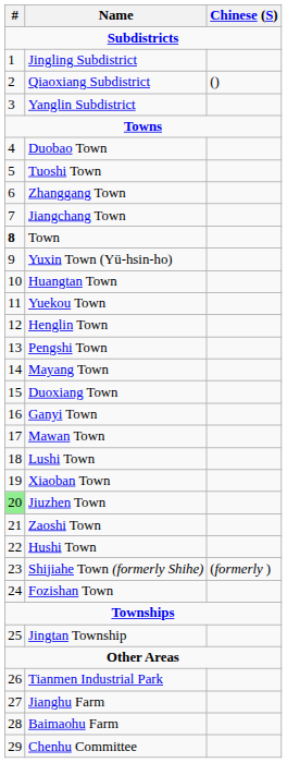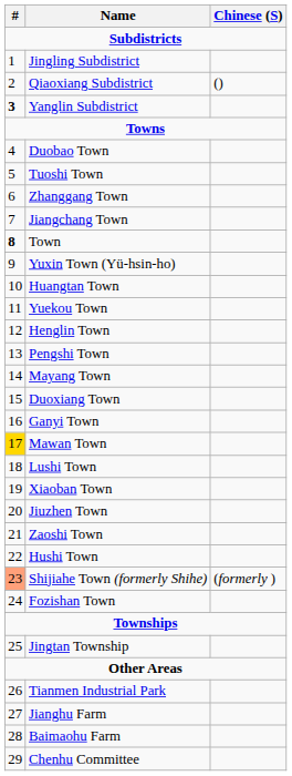 <table class="wikitable sortable">
 <tr>
 <th>#</th>
 <th>Name</th>
 <th><a href='#'>Chinese</a> (<a href='#'>S</a>)</th>
 </tr>
 <tr>
 <td style="text-align:center;" colspan="7"><strong><a href='#'>Subdistricts</a></strong></td>
 </tr>
 <tr>
 <td>1</td>
 <td><a href='#'>Jingling Subdistrict</a></td>
 <td></td>
 </tr>
 <tr>
 <td>2</td>
 <td><a href='#'>Qiaoxiang Subdistrict</a></td>
 <td> ()</td>
 </tr>
 <tr>
-<td>3</td>
+<td><strong>3</strong></td>
 <td><a href='#'>Yanglin Subdistrict</a></td>
 <td></td>
 </tr>
 <tr>
 <td style="text-align:center;" colspan="7"><strong><a href='#'>Towns</a></strong></td>
 </tr>
 <tr>
 <td>4</td>
 <td><a href='#'>Duobao</a> Town</td>
 <td></td>
 </tr>
 <tr>
 <td>5</td>
 <td><a href='#'>Tuoshi</a> Town</td>
 <td></td>
 </tr>
 <tr>
 <td>6</td>
 <td><a href='#'>Zhanggang</a> Town</td>
 <td></td>
 </tr>
 <tr>
 <td>7</td>
 <td><a href='#'>Jiangchang</a> Town</td>
 <td></td>
 </tr>
 <tr>
 <td><strong>8</strong></td>
 <td> Town</td>
 <td></td>
 </tr>
 <tr>
 <td>9</td>
 <td><a href='#'>Yuxin</a> Town (Yü-hsin-ho)</td>
 <td></td>
 </tr>
 <tr>
 <td>10</td>
 <td><a href='#'>Huangtan</a> Town</td>
 <td></td>
 </tr>
 <tr>
 <td>11</td>
 <td><a href='#'>Yuekou</a> Town</td>
 <td></td>
 </tr>
 <tr>
 <td>12</td>
 <td><a href='#'>Henglin</a> Town</td>
 <td></td>
 </tr>
 <tr>
 <td>13</td>
 <td><a href='#'>Pengshi</a> Town</td>
 <td></td>
 </tr>
 <tr>
 <td>14</td>
 <td><a href='#'>Mayang</a> Town</td>
 <td></td>
 </tr>
 <tr>
 <td>15</td>
 <td><a href='#'>Duoxiang</a> Town</td>
 <td></td>
 </tr>
 <tr>
 <td>16</td>
 <td><a href='#'>Ganyi</a> Town</td>
 <td></td>
 </tr>
 <tr>
-<td>17</td>
+<td style="background: gold;">17</td>
 <td><a href='#'>Mawan</a> Town</td>
 <td></td>
 </tr>
 <tr>
 <td>18</td>
 <td><a href='#'>Lushi</a> Town</td>
 <td></td>
 </tr>
 <tr>
 <td>19</td>
 <td><a href='#'>Xiaoban</a> Town</td>
 <td></td>
 </tr>
 <tr>
-<td style="background: lightgreen;">20</td>
+<td>20</td>
 <td><a href='#'>Jiuzhen</a> Town</td>
 <td></td>
 </tr>
 <tr>
 <td>21</td>
 <td><a href='#'>Zaoshi</a> Town</td>
 <td></td>
 </tr>
 <tr>
 <td>22</td>
 <td><a href='#'>Hushi</a> Town</td>
 <td></td>
 </tr>
 <tr>
-<td>23</td>
+<td style="background: lightsalmon;">23</td>
 <td><a href='#'>Shijiahe</a> Town <em>(formerly Shihe)</em></td>
 <td> (<em>formerly</em> )</td>
 </tr>
 <tr>
 <td>24</td>
 <td><a href='#'>Fozishan</a> Town</td>
 <td></td>
 </tr>
 <tr>
 <td style="text-align:center;" colspan="7"><strong><a href='#'>Townships</a></strong></td>
 </tr>
 <tr>
 <td>25</td>
 <td><a href='#'>Jingtan</a> Township</td>
 <td></td>
 </tr>
 <tr>
 <td style="text-align:center;" colspan="7"><strong>Other Areas</strong></td>
 </tr>
 <tr>
 <td>26</td>
 <td><a href='#'>Tianmen Industrial Park</a></td>
 <td></td>
 </tr>
 <tr>
 <td>27</td>
 <td><a href='#'>Jianghu</a> Farm</td>
 <td></td>
 </tr>
 <tr>
 <td>28</td>
 <td><a href='#'>Baimaohu</a> Farm</td>
 <td></td>
 </tr>
 <tr>
 <td>29</td>
 <td><a href='#'>Chenhu</a> Committee</td>
 <td></td>
 </tr>
 </table>
